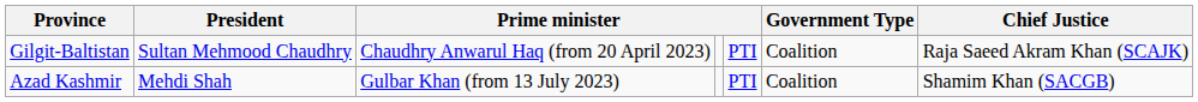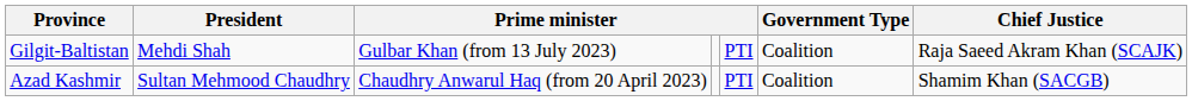 <table class="wikitable sortable">
 <tr>
 <th>Province</th>
 <th>President</th>
 <th colspan="3">Prime minister</th>
 <th>Government Type</th>
 <th>Chief Justice</th>
 </tr>
 <tr>
 <td><a href='#'>Gilgit-Baltistan</a></td>
-<td><a href='#'>Sultan Mehmood Chaudhry</a></td>
-<td><a href='#'>Chaudhry Anwarul Haq</a> (from 20 April 2023)</td>
+<td><a href='#'>Mehdi Shah</a></td>
+<td><a href='#'>Gulbar Khan</a> (from 13 July 2023)</td>
 <td style="background-color: "></td>
 <td><a href='#'>PTI</a></td>
 <td>Coalition</td>
 <td>Raja Saeed Akram Khan (<a href='#'>SCAJK</a>)</td>
 </tr>
 <tr>
 <td><a href='#'>Azad Kashmir</a></td>
-<td><a href='#'>Mehdi Shah</a></td>
-<td><a href='#'>Gulbar Khan</a> (from 13 July 2023)</td>
+<td><a href='#'>Sultan Mehmood Chaudhry</a></td>
+<td><a href='#'>Chaudhry Anwarul Haq</a> (from 20 April 2023)</td>
 <td style="background-color: "></td>
 <td><a href='#'>PTI</a></td>
 <td>Coalition</td>
 <td>Shamim Khan (<a href='#'>SACGB</a>)</td>
 </tr>
 </table>
